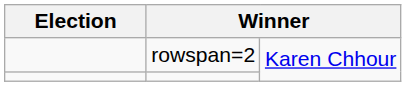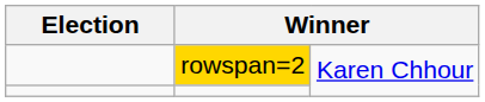 <table class=wikitable>
 <tr>
 <th width=100>Election</th>
 <th width=175 colspan=2>Winner</th>
 </tr>
 <tr>
 <td></td>
-<td>rowspan=2 </td>
+<td style="background: gold;">rowspan=2 </td>
 <td rowspan=2><a href='#'>Karen Chhour</a></td>
 </tr>
 <tr>
 <td></td>
 </tr>
 </table>
